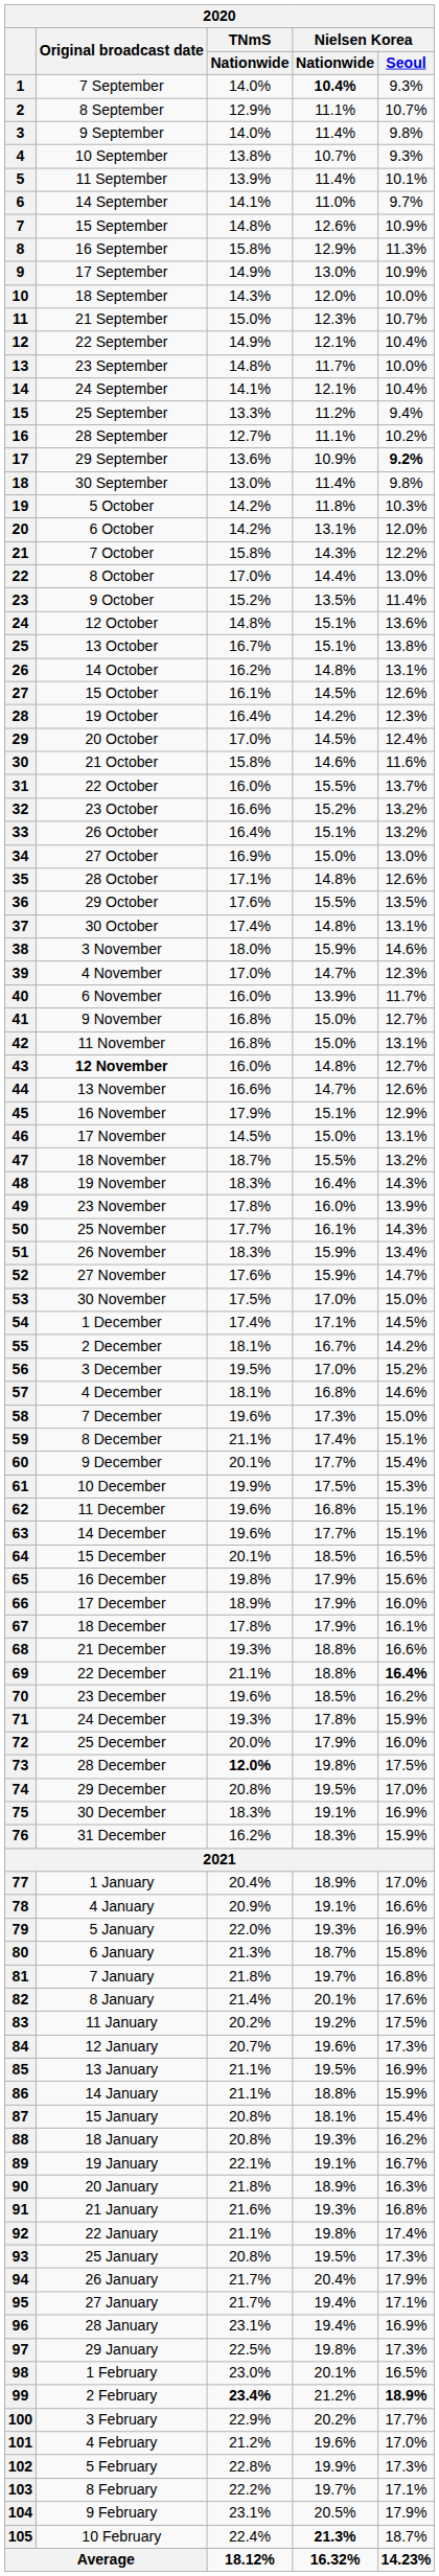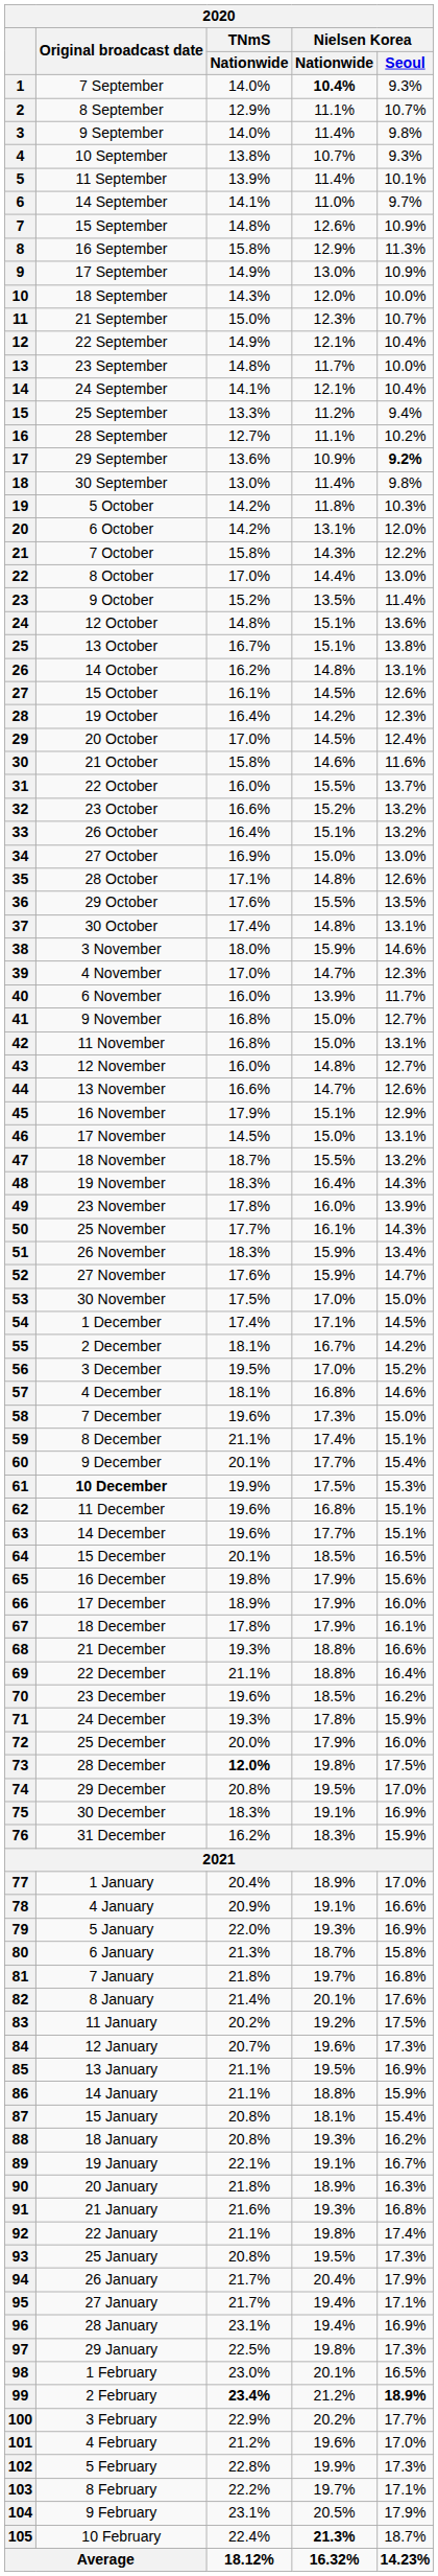 <table class="wikitable" style="text-align: center;">
 <tr>
 <th colspan="5">2020</th>
 </tr>
 <tr>
 <th rowspan="2"></th>
 <th rowspan="2">Original broadcast date</th>
 <th>TNmS</th>
 <th colspan="2">Nielsen Korea</th>
 </tr>
 <tr>
 <th>Nationwide</th>
 <th>Nationwide</th>
 <th><a href='#'>Seoul</a></th>
 </tr>
 <tr>
 <th>1</th>
 <td>7 September</td>
 <td>14.0%</td>
 <td><span><strong>10.4%</strong></span></td>
 <td>9.3%</td>
 </tr>
 <tr>
 <th>2</th>
 <td>8 September</td>
 <td>12.9%</td>
 <td>11.1%</td>
 <td>10.7%</td>
 </tr>
 <tr>
 <th>3</th>
 <td>9 September</td>
 <td>14.0%</td>
 <td>11.4%</td>
 <td>9.8%</td>
 </tr>
 <tr>
 <th>4</th>
 <td>10 September</td>
 <td>13.8%</td>
 <td>10.7%</td>
 <td>9.3%</td>
 </tr>
 <tr>
 <th>5</th>
 <td>11 September</td>
 <td>13.9%</td>
 <td>11.4%</td>
 <td>10.1%</td>
 </tr>
 <tr>
 <th>6</th>
 <td>14 September</td>
 <td>14.1%</td>
 <td>11.0%</td>
 <td>9.7%</td>
 </tr>
 <tr>
 <th>7</th>
 <td>15 September</td>
 <td>14.8%</td>
 <td>12.6%</td>
 <td>10.9%</td>
 </tr>
 <tr>
 <th>8</th>
 <td>16 September</td>
 <td>15.8%</td>
 <td>12.9%</td>
 <td>11.3%</td>
 </tr>
 <tr>
 <th>9</th>
 <td>17 September</td>
 <td>14.9%</td>
 <td>13.0%</td>
 <td>10.9%</td>
 </tr>
 <tr>
 <th>10</th>
 <td>18 September</td>
 <td>14.3%</td>
 <td>12.0%</td>
 <td>10.0%</td>
 </tr>
 <tr>
 <th>11</th>
 <td>21 September</td>
 <td>15.0%</td>
 <td>12.3%</td>
 <td>10.7%</td>
 </tr>
 <tr>
 <th>12</th>
 <td>22 September</td>
 <td>14.9%</td>
 <td>12.1%</td>
 <td>10.4%</td>
 </tr>
 <tr>
 <th>13</th>
 <td>23 September</td>
 <td>14.8%</td>
 <td>11.7%</td>
 <td>10.0%</td>
 </tr>
 <tr>
 <th>14</th>
 <td>24 September</td>
 <td>14.1%</td>
 <td>12.1%</td>
 <td>10.4%</td>
 </tr>
 <tr>
 <th>15</th>
 <td>25 September</td>
 <td>13.3%</td>
 <td>11.2%</td>
 <td>9.4%</td>
 </tr>
 <tr>
 <th>16</th>
 <td>28 September</td>
 <td>12.7%</td>
 <td>11.1%</td>
 <td>10.2%</td>
 </tr>
 <tr>
 <th>17</th>
 <td>29 September</td>
 <td>13.6%</td>
 <td>10.9%</td>
 <td><span><strong>9.2%</strong></span></td>
 </tr>
 <tr>
 <th>18</th>
 <td>30 September</td>
 <td>13.0%</td>
 <td>11.4%</td>
 <td>9.8%</td>
 </tr>
 <tr>
 <th>19</th>
 <td>5 October</td>
 <td>14.2%</td>
 <td>11.8%</td>
 <td>10.3%</td>
 </tr>
 <tr>
 <th>20</th>
 <td>6 October</td>
 <td>14.2%</td>
 <td>13.1%</td>
 <td>12.0%</td>
 </tr>
 <tr>
 <th>21</th>
 <td>7 October</td>
 <td>15.8%</td>
 <td>14.3%</td>
 <td>12.2%</td>
 </tr>
 <tr>
 <th>22</th>
 <td>8 October</td>
 <td>17.0%</td>
 <td>14.4%</td>
 <td>13.0%</td>
 </tr>
 <tr>
 <th>23</th>
 <td>9 October</td>
 <td>15.2%</td>
 <td>13.5%</td>
 <td>11.4%</td>
 </tr>
 <tr>
 <th>24</th>
 <td>12 October</td>
 <td>14.8%</td>
 <td>15.1%</td>
 <td>13.6%</td>
 </tr>
 <tr>
 <th>25</th>
 <td>13 October</td>
 <td>16.7%</td>
 <td>15.1%</td>
 <td>13.8%</td>
 </tr>
 <tr>
 <th>26</th>
 <td>14 October</td>
 <td>16.2%</td>
 <td>14.8%</td>
 <td>13.1%</td>
 </tr>
 <tr>
 <th>27</th>
 <td>15 October</td>
 <td>16.1%</td>
 <td>14.5%</td>
 <td>12.6%</td>
 </tr>
 <tr>
 <th>28</th>
 <td>19 October</td>
 <td>16.4%</td>
 <td>14.2%</td>
 <td>12.3%</td>
 </tr>
 <tr>
 <th>29</th>
 <td>20 October</td>
 <td>17.0%</td>
 <td>14.5%</td>
 <td>12.4%</td>
 </tr>
 <tr>
 <th>30</th>
 <td>21 October</td>
 <td>15.8%</td>
 <td>14.6%</td>
 <td>11.6%</td>
 </tr>
 <tr>
 <th>31</th>
 <td>22 October</td>
 <td>16.0%</td>
 <td>15.5%</td>
 <td>13.7%</td>
 </tr>
 <tr>
 <th>32</th>
 <td>23 October</td>
 <td>16.6%</td>
 <td>15.2%</td>
 <td>13.2%</td>
 </tr>
 <tr>
 <th>33</th>
 <td>26 October</td>
 <td>16.4%</td>
 <td>15.1%</td>
 <td>13.2%</td>
 </tr>
 <tr>
 <th>34</th>
 <td>27 October</td>
 <td>16.9%</td>
 <td>15.0%</td>
 <td>13.0%</td>
 </tr>
 <tr>
 <th>35</th>
 <td>28 October</td>
 <td>17.1%</td>
 <td>14.8%</td>
 <td>12.6%</td>
 </tr>
 <tr>
 <th>36</th>
 <td>29 October</td>
 <td>17.6%</td>
 <td>15.5%</td>
 <td>13.5%</td>
 </tr>
 <tr>
 <th>37</th>
 <td>30 October</td>
 <td>17.4%</td>
 <td>14.8%</td>
 <td>13.1%</td>
 </tr>
 <tr>
 <th>38</th>
 <td>3 November</td>
 <td>18.0%</td>
 <td>15.9%</td>
 <td>14.6%</td>
 </tr>
 <tr>
 <th>39</th>
 <td>4 November</td>
 <td>17.0%</td>
 <td>14.7%</td>
 <td>12.3%</td>
 </tr>
 <tr>
 <th>40</th>
 <td>6 November</td>
 <td>16.0%</td>
 <td>13.9%</td>
 <td>11.7%</td>
 </tr>
 <tr>
 <th>41</th>
 <td>9 November</td>
 <td>16.8%</td>
 <td>15.0%</td>
 <td>12.7%</td>
 </tr>
 <tr>
 <th>42</th>
 <td>11 November</td>
 <td>16.8%</td>
 <td>15.0%</td>
 <td>13.1%</td>
 </tr>
 <tr>
 <th>43</th>
-<td><strong>12 November</strong></td>
+<td>12 November</td>
 <td>16.0%</td>
 <td>14.8%</td>
 <td>12.7%</td>
 </tr>
 <tr>
 <th>44</th>
 <td>13 November</td>
 <td>16.6%</td>
 <td>14.7%</td>
 <td>12.6%</td>
 </tr>
 <tr>
 <th>45</th>
 <td>16 November</td>
 <td>17.9%</td>
 <td>15.1%</td>
 <td>12.9%</td>
 </tr>
 <tr>
 <th>46</th>
 <td>17 November</td>
 <td>14.5%</td>
 <td>15.0%</td>
 <td>13.1%</td>
 </tr>
 <tr>
 <th>47</th>
 <td>18 November</td>
 <td>18.7%</td>
 <td>15.5%</td>
 <td>13.2%</td>
 </tr>
 <tr>
 <th>48</th>
 <td>19 November</td>
 <td>18.3%</td>
 <td>16.4%</td>
 <td>14.3%</td>
 </tr>
 <tr>
 <th>49</th>
 <td>23 November</td>
 <td>17.8%</td>
 <td>16.0%</td>
 <td>13.9%</td>
 </tr>
 <tr>
 <th>50</th>
 <td>25 November</td>
 <td>17.7%</td>
 <td>16.1%</td>
 <td>14.3%</td>
 </tr>
 <tr>
 <th>51</th>
 <td>26 November</td>
 <td>18.3%</td>
 <td>15.9%</td>
 <td>13.4%</td>
 </tr>
 <tr>
 <th>52</th>
 <td>27 November</td>
 <td>17.6%</td>
 <td>15.9%</td>
 <td>14.7%</td>
 </tr>
 <tr>
 <th>53</th>
 <td>30 November</td>
 <td>17.5%</td>
 <td>17.0%</td>
 <td>15.0%</td>
 </tr>
 <tr>
 <th>54</th>
 <td>1 December</td>
 <td>17.4%</td>
 <td>17.1%</td>
 <td>14.5%</td>
 </tr>
 <tr>
 <th>55</th>
 <td>2 December</td>
 <td>18.1%</td>
 <td>16.7%</td>
 <td>14.2%</td>
 </tr>
 <tr>
 <th>56</th>
 <td>3 December</td>
 <td>19.5%</td>
 <td>17.0%</td>
 <td>15.2%</td>
 </tr>
 <tr>
 <th>57</th>
 <td>4 December</td>
 <td>18.1%</td>
 <td>16.8%</td>
 <td>14.6%</td>
 </tr>
 <tr>
 <th>58</th>
 <td>7 December</td>
 <td>19.6%</td>
 <td>17.3%</td>
 <td>15.0%</td>
 </tr>
 <tr>
 <th>59</th>
 <td>8 December</td>
 <td>21.1%</td>
 <td>17.4%</td>
 <td>15.1%</td>
 </tr>
 <tr>
 <th>60</th>
 <td>9 December</td>
 <td>20.1%</td>
 <td>17.7%</td>
 <td>15.4%</td>
 </tr>
 <tr>
 <th>61</th>
-<td>10 December</td>
+<td><strong>10 December</strong></td>
 <td>19.9%</td>
 <td>17.5%</td>
 <td>15.3%</td>
 </tr>
 <tr>
 <th>62</th>
 <td>11 December</td>
 <td>19.6%</td>
 <td>16.8%</td>
 <td>15.1%</td>
 </tr>
 <tr>
 <th>63</th>
 <td>14 December</td>
 <td>19.6%</td>
 <td>17.7%</td>
 <td>15.1%</td>
 </tr>
 <tr>
 <th>64</th>
 <td>15 December</td>
 <td>20.1%</td>
 <td>18.5%</td>
 <td>16.5%</td>
 </tr>
 <tr>
 <th>65</th>
 <td>16 December</td>
 <td>19.8%</td>
 <td>17.9%</td>
 <td>15.6%</td>
 </tr>
 <tr>
 <th>66</th>
 <td>17 December</td>
 <td>18.9%</td>
 <td>17.9%</td>
 <td>16.0%</td>
 </tr>
 <tr>
 <th>67</th>
 <td>18 December</td>
 <td>17.8%</td>
 <td>17.9%</td>
 <td>16.1%</td>
 </tr>
 <tr>
 <th>68</th>
 <td>21 December</td>
 <td>19.3%</td>
 <td>18.8%</td>
 <td>16.6%</td>
 </tr>
 <tr>
 <th>69</th>
 <td>22 December</td>
 <td>21.1%</td>
 <td>18.8%</td>
-<td><strong>16.4%</strong></td>
+<td>16.4%</td>
 </tr>
 <tr>
 <th>70</th>
 <td>23 December</td>
 <td>19.6%</td>
 <td>18.5%</td>
 <td>16.2%</td>
 </tr>
 <tr>
 <th>71</th>
 <td>24 December</td>
 <td>19.3%</td>
 <td>17.8%</td>
 <td>15.9%</td>
 </tr>
 <tr>
 <th>72</th>
 <td>25 December</td>
 <td>20.0%</td>
 <td>17.9%</td>
 <td>16.0%</td>
 </tr>
 <tr>
 <th>73</th>
 <td>28 December</td>
 <td><span><strong>12.0%</strong></span></td>
 <td>19.8%</td>
 <td>17.5%</td>
 </tr>
 <tr>
 <th>74</th>
 <td>29 December</td>
 <td>20.8%</td>
 <td>19.5%</td>
 <td>17.0%</td>
 </tr>
 <tr>
 <th>75</th>
 <td>30 December</td>
 <td>18.3%</td>
 <td>19.1%</td>
 <td>16.9%</td>
 </tr>
 <tr>
 <th>76</th>
 <td>31 December</td>
 <td>16.2%</td>
 <td>18.3%</td>
 <td>15.9%</td>
 </tr>
 <tr>
 <th colspan="5">2021</th>
 </tr>
 <tr>
 <th>77</th>
 <td>1 January</td>
 <td>20.4%</td>
 <td>18.9%</td>
 <td>17.0%</td>
 </tr>
 <tr>
 <th>78</th>
 <td>4 January</td>
 <td>20.9%</td>
 <td>19.1%</td>
 <td>16.6%</td>
 </tr>
 <tr>
 <th>79</th>
 <td>5 January</td>
 <td>22.0%</td>
 <td>19.3%</td>
 <td>16.9%</td>
 </tr>
 <tr>
 <th>80</th>
 <td>6 January</td>
 <td>21.3%</td>
 <td>18.7%</td>
 <td>15.8%</td>
 </tr>
 <tr>
 <th>81</th>
 <td>7 January</td>
 <td>21.8%</td>
 <td>19.7%</td>
 <td>16.8%</td>
 </tr>
 <tr>
 <th>82</th>
 <td>8 January</td>
 <td>21.4%</td>
 <td>20.1%</td>
 <td>17.6%</td>
 </tr>
 <tr>
 <th>83</th>
 <td>11 January</td>
 <td>20.2%</td>
 <td>19.2%</td>
 <td>17.5%</td>
 </tr>
 <tr>
 <th>84</th>
 <td>12 January</td>
 <td>20.7%</td>
 <td>19.6%</td>
 <td>17.3%</td>
 </tr>
 <tr>
 <th>85</th>
 <td>13 January</td>
 <td>21.1%</td>
 <td>19.5%</td>
 <td>16.9%</td>
 </tr>
 <tr>
 <th>86</th>
 <td>14 January</td>
 <td>21.1%</td>
 <td>18.8%</td>
 <td>15.9%</td>
 </tr>
 <tr>
 <th>87</th>
 <td>15 January</td>
 <td>20.8%</td>
 <td>18.1%</td>
 <td>15.4%</td>
 </tr>
 <tr>
 <th>88</th>
 <td>18 January</td>
 <td>20.8%</td>
 <td>19.3%</td>
 <td>16.2%</td>
 </tr>
 <tr>
 <th>89</th>
 <td>19 January</td>
 <td>22.1%</td>
 <td>19.1%</td>
 <td>16.7%</td>
 </tr>
 <tr>
 <th>90</th>
 <td>20 January</td>
 <td>21.8%</td>
 <td>18.9%</td>
 <td>16.3%</td>
 </tr>
 <tr>
 <th>91</th>
 <td>21 January</td>
 <td>21.6%</td>
 <td>19.3%</td>
 <td>16.8%</td>
 </tr>
 <tr>
 <th>92</th>
 <td>22 January</td>
 <td>21.1%</td>
 <td>19.8%</td>
 <td>17.4%</td>
 </tr>
 <tr>
 <th>93</th>
 <td>25 January</td>
 <td>20.8%</td>
 <td>19.5%</td>
 <td>17.3%</td>
 </tr>
 <tr>
 <th>94</th>
 <td>26 January</td>
 <td>21.7%</td>
 <td>20.4%</td>
 <td>17.9%</td>
 </tr>
 <tr>
 <th>95</th>
 <td>27 January</td>
 <td>21.7%</td>
 <td>19.4%</td>
 <td>17.1%</td>
 </tr>
 <tr>
 <th>96</th>
 <td>28 January</td>
 <td>23.1%</td>
 <td>19.4%</td>
 <td>16.9%</td>
 </tr>
 <tr>
 <th>97</th>
 <td>29 January</td>
 <td>22.5%</td>
 <td>19.8%</td>
 <td>17.3%</td>
 </tr>
 <tr>
 <th>98</th>
 <td>1 February</td>
 <td>23.0%</td>
 <td>20.1%</td>
 <td>16.5%</td>
 </tr>
 <tr>
 <th>99</th>
 <td>2 February</td>
 <td><span><strong>23.4%</strong></span></td>
 <td>21.2%</td>
 <td><span><strong>18.9%</strong></span></td>
 </tr>
 <tr>
 <th>100</th>
 <td>3 February</td>
 <td>22.9%</td>
 <td>20.2%</td>
 <td>17.7%</td>
 </tr>
 <tr>
 <th>101</th>
 <td>4 February</td>
 <td>21.2%</td>
 <td>19.6%</td>
 <td>17.0%</td>
 </tr>
 <tr>
 <th>102</th>
 <td>5 February</td>
 <td>22.8%</td>
 <td>19.9%</td>
 <td>17.3%</td>
 </tr>
 <tr>
 <th>103</th>
 <td>8 February</td>
 <td>22.2%</td>
 <td>19.7%</td>
 <td>17.1%</td>
 </tr>
 <tr>
 <th>104</th>
 <td>9 February</td>
 <td>23.1%</td>
 <td>20.5%</td>
 <td>17.9%</td>
 </tr>
 <tr>
 <th>105</th>
 <td>10 February</td>
 <td>22.4%</td>
 <td><span><strong>21.3%</strong></span></td>
 <td>18.7%</td>
 </tr>
 <tr>
 <th colspan="2">Average</th>
 <td><span><strong>18.12%</strong></span></td>
 <td><span><strong>16.32%</strong></span></td>
 <td><span><strong>14.23%</strong></span></td>
 </tr>
 </table>
